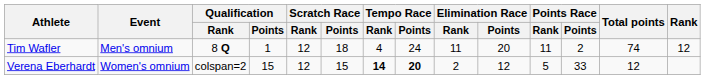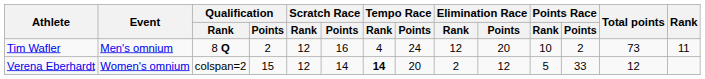 <table class="wikitable" style="font-size:90%">
 <tr>
 <th rowspan="2">Athlete</th>
 <th rowspan="2">Event</th>
 <th colspan=2>Qualification</th>
 <th colspan=2>Scratch Race</th>
 <th colspan=2>Tempo Race</th>
 <th colspan=2>Elimination Race</th>
 <th colspan=2>Points Race</th>
 <th rowspan=2>Total points</th>
 <th rowspan=2>Rank</th>
 </tr>
 <tr style="font-size:95%">
 <th>Rank</th>
 <th>Points</th>
 <th>Rank</th>
 <th>Points</th>
 <th>Rank</th>
 <th>Points</th>
 <th>Rank</th>
 <th>Points</th>
 <th>Rank</th>
 <th>Points</th>
 </tr>
 <tr align=center>
 <td align=left><a href='#'>Tim Wafler</a></td>
 <td align=left><a href='#'>Men's omnium</a></td>
 <td>8 <strong>Q</strong></td>
-<td>1</td>
+<td>2</td>
 <td>12</td>
-<td>18</td>
+<td>16</td>
 <td>4</td>
 <td>24</td>
+<td>12</td>
+<td>20</td>
+<td>10</td>
+<td>2</td>
+<td>73</td>
 <td>11</td>
-<td>20</td>
-<td>11</td>
-<td>2</td>
-<td>74</td>
-<td>12</td>
 </tr>
 <tr align=center>
 <td align=left><a href='#'>Verena Eberhardt</a></td>
 <td align=left><a href='#'>Women's omnium</a></td>
 <td>colspan=2</td>
 <td>15</td>
 <td>12</td>
-<td>15</td>
+<td>14</td>
 <td><strong>14</strong></td>
-<td><strong>20</strong></td>
+<td>20</td>
 <td>2</td>
 <td>12</td>
 <td>5</td>
 <td>33</td>
 <td>12</td>
 </tr>
 </table>
